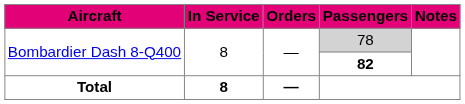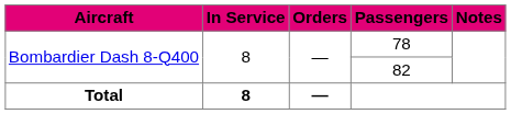 <table class="toccolours" border="1" cellpadding="3" style="margin:1em auto; border-collapse:collapse; text-align:center">
 <tr style="background:#e20177;">
 <th><span>Aircraft</span></th>
 <th><span>In Service</span></th>
 <th><span>Orders</span></th>
 <th><span>Passengers</span></th>
 <th><span>Notes</span></th>
 </tr>
 <tr>
 <td rowspan="2"><a href='#'>Bombardier Dash 8-Q400</a></td>
 <td rowspan="2">8</td>
 <td rowspan="2">—</td>
-<td style="background: lightgrey;">78</td>
+<td>78</td>
 <td rowspan="2"></td>
 </tr>
 <tr>
-<td><strong>82</strong></td>
+<td>82</td>
 </tr>
 <tr>
 <th>Total</th>
 <th align=center>8</th>
 <th align=center>—</th>
 <th colspan=3></th>
 </tr>
 </table>
